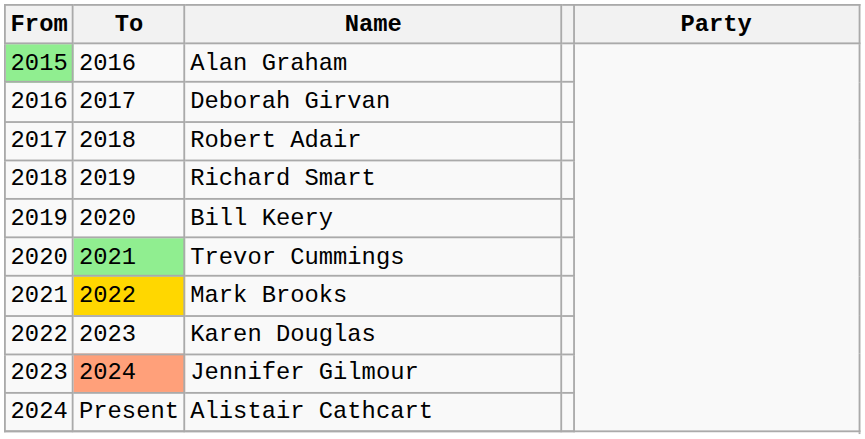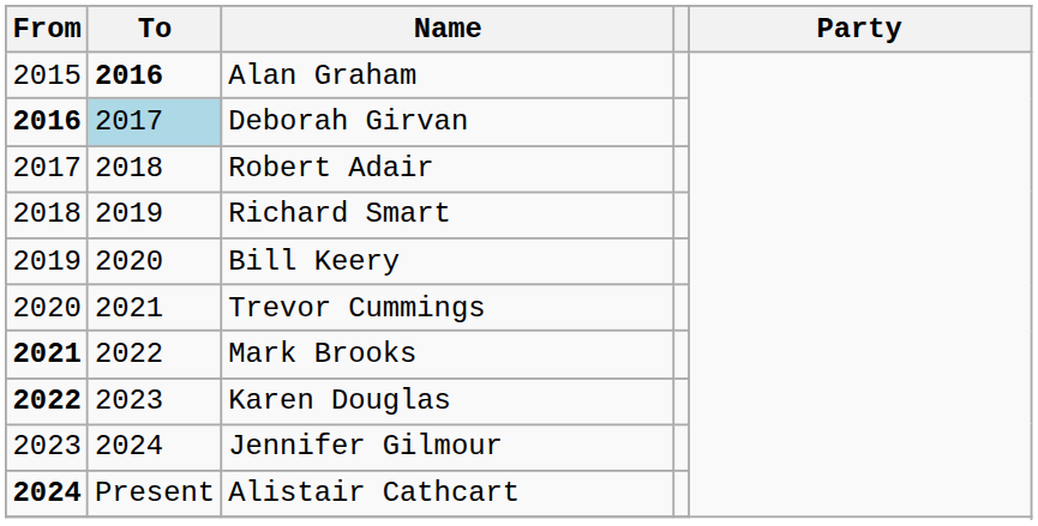 <table class="wikitable sortable">
 <tr>
 <th>From</th>
 <th>To</th>
 <th scope="col" style="width:200px;">Name</th>
 <th class="unsortable"></th>
 <th scope="col" style="width:150px;">Party</th>
 </tr>
 <tr>
-<td style="background: lightgreen;">2015</td>
-<td>2016</td>
+<td>2015</td>
+<td><strong>2016</strong></td>
 <td>Alan Graham</td>
 <td></td>
 </tr>
 <tr>
-<td>2016</td>
-<td>2017</td>
+<td><strong>2016</strong></td>
+<td style="background: lightblue;">2017</td>
 <td>Deborah Girvan</td>
 <td></td>
 </tr>
 <tr>
 <td>2017</td>
 <td>2018</td>
 <td>Robert Adair</td>
 <td></td>
 </tr>
 <tr>
 <td>2018</td>
 <td>2019</td>
 <td>Richard Smart</td>
 <td></td>
 </tr>
 <tr>
 <td>2019</td>
 <td>2020</td>
 <td>Bill Keery</td>
 <td></td>
 </tr>
 <tr>
 <td>2020</td>
-<td style="background: lightgreen;">2021</td>
+<td>2021</td>
 <td>Trevor Cummings</td>
 <td></td>
 </tr>
 <tr>
-<td>2021</td>
-<td style="background: gold;">2022</td>
+<td><strong>2021</strong></td>
+<td>2022</td>
 <td>Mark Brooks</td>
 <td></td>
 </tr>
 <tr>
-<td>2022</td>
+<td><strong>2022</strong></td>
 <td>2023</td>
 <td>Karen Douglas</td>
 <td></td>
 </tr>
 <tr>
 <td>2023</td>
-<td style="background: lightsalmon;">2024</td>
+<td>2024</td>
 <td>Jennifer Gilmour</td>
 <td></td>
 </tr>
 <tr>
-<td>2024</td>
+<td><strong>2024</strong></td>
 <td>Present</td>
 <td>Alistair Cathcart</td>
 <td></td>
 </tr>
 <tr>
 </tr>
 </table>
